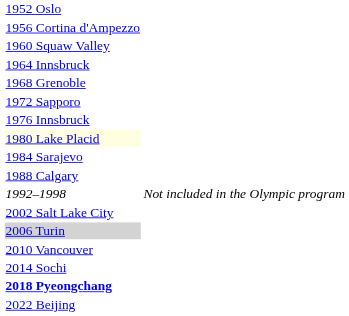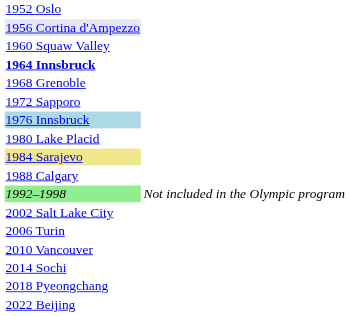 <table>
 <tr>
 <td><a href='#'>1952 Oslo</a><br></td>
 <td></td>
 <td></td>
 <td></td>
 </tr>
 <tr valign="top">
-<td><a href='#'>1956 Cortina d'Ampezzo</a><br></td>
+<td style="background: lavender;"><a href='#'>1956 Cortina d'Ampezzo</a><br></td>
 <td></td>
 <td></td>
 <td></td>
 </tr>
 <tr>
 <td><a href='#'>1960 Squaw Valley</a><br></td>
 <td></td>
 <td></td>
 <td></td>
 </tr>
 <tr>
-<td><a href='#'>1964 Innsbruck</a><br></td>
+<td><strong><a href='#'>1964 Innsbruck</a><br></strong></td>
 <td></td>
 <td></td>
 <td></td>
 </tr>
 <tr>
 <td><a href='#'>1968 Grenoble</a><br></td>
 <td></td>
 <td></td>
 <td></td>
 </tr>
 <tr>
 <td><a href='#'>1972 Sapporo</a><br></td>
 <td></td>
 <td></td>
 <td></td>
 </tr>
 <tr>
-<td><a href='#'>1976 Innsbruck</a><br></td>
+<td style="background: lightblue;"><a href='#'>1976 Innsbruck</a><br></td>
 <td></td>
 <td></td>
 <td></td>
 </tr>
 <tr>
-<td style="background: lightyellow;"><a href='#'>1980 Lake Placid</a><br></td>
+<td><a href='#'>1980 Lake Placid</a><br></td>
 <td></td>
 <td></td>
 <td></td>
 </tr>
 <tr>
-<td><a href='#'>1984 Sarajevo</a><br></td>
+<td style="background: khaki;"><a href='#'>1984 Sarajevo</a><br></td>
 <td></td>
 <td></td>
 <td></td>
 </tr>
 <tr>
 <td><a href='#'>1988 Calgary</a><br></td>
 <td></td>
 <td></td>
 <td></td>
 </tr>
 <tr>
-<td><em>1992–1998</em></td>
+<td style="background: lightgreen;"><em>1992–1998</em></td>
 <td colspan=3 align=center><em>Not included in the Olympic program</em></td>
 </tr>
 <tr>
 <td><a href='#'>2002 Salt Lake City</a><br></td>
 <td></td>
 <td></td>
 <td></td>
 </tr>
 <tr>
-<td style="background: lightgrey;"><a href='#'>2006 Turin</a><br></td>
+<td><a href='#'>2006 Turin</a><br></td>
 <td></td>
 <td></td>
 <td></td>
 </tr>
 <tr>
 <td><a href='#'>2010 Vancouver</a><br></td>
 <td></td>
 <td></td>
 <td></td>
 </tr>
 <tr>
 <td><a href='#'>2014 Sochi</a><br></td>
 <td></td>
 <td></td>
 <td></td>
 </tr>
 <tr valign="top">
-<td><strong><a href='#'>2018 Pyeongchang</a><br></strong></td>
+<td><a href='#'>2018 Pyeongchang</a><br></td>
 <td></td>
 <td></td>
 <td><br></td>
 </tr>
 <tr>
 <td><a href='#'>2022 Beijing</a> <br></td>
 <td></td>
 <td></td>
 <td></td>
 </tr>
 <tr>
 </tr>
 </table>
